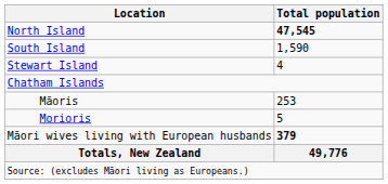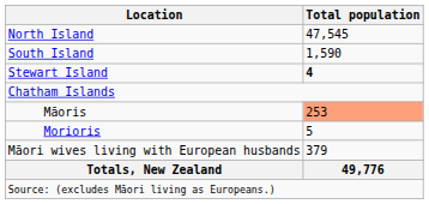 <table class="wikitable " style="text-align:left">
 <tr>
 <th>Location</th>
 <th>Total population</th>
 </tr>
 <tr>
 <td><a href='#'>North Island</a></td>
-<td><strong>47,545</strong></td>
+<td>47,545</td>
 </tr>
 <tr>
 <td><a href='#'>South Island</a></td>
 <td>1,590</td>
 </tr>
 <tr>
 <td><a href='#'>Stewart Island</a></td>
-<td>4</td>
+<td><strong>4</strong></td>
 </tr>
 <tr>
 <td colspan="6" style="text-align:left;"><a href='#'>Chatham Islands</a></td>
 </tr>
 <tr>
 <td align=left>     Māoris</td>
-<td>253</td>
+<td style="background: lightsalmon;">253</td>
 </tr>
 <tr>
 <td align=left>     <a href='#'>Morioris</a></td>
 <td>5</td>
 </tr>
 <tr>
 <td align=left>Māori wives living with European husbands</td>
-<td><strong>379</strong></td>
+<td>379</td>
 </tr>
 <tr>
 <th>Totals, New Zealand</th>
 <th>49,776</th>
 </tr>
 <tr>
 <td colspan="5" style="text-align:left;"><small>Source: (excludes Māori living as Europeans.)</small></td>
 </tr>
 </table>
